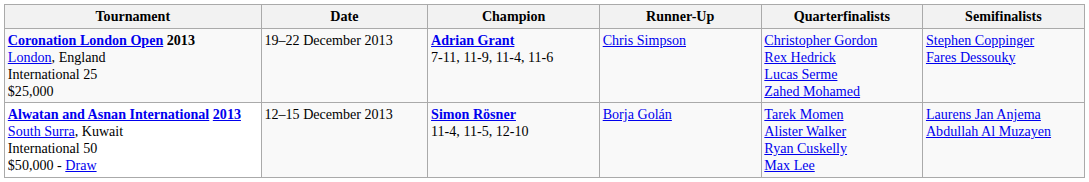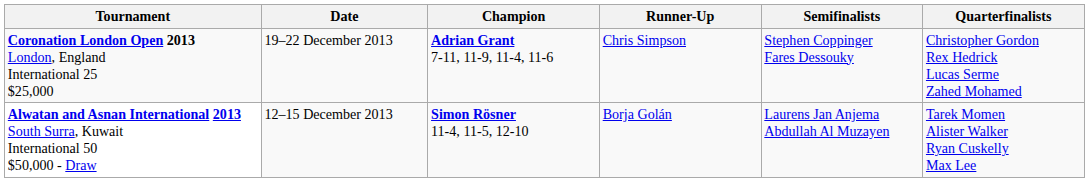 <table class="wikitable" style="font-size:88%">
 <tr>
 <th width=250>Tournament</th>
 <th width=160>Date</th>
 <th width=165>Champion</th>
 <th width=155>Runner-Up</th>
+<th width=155>Semifinalists</th>
 <th width=155>Quarterfinalists</th>
-<th width=155>Semifinalists</th>
 </tr>
 <tr valign=top>
 <td><strong><a href='#'>Coronation London Open</a> 2013</strong><br> <a href='#'>London</a>, England<br>International 25<br>$25,000</td>
 <td>19–22 December 2013</td>
 <td> <strong><a href='#'>Adrian Grant</a></strong><br>7-11, 11-9, 11-4, 11-6</td>
 <td> <a href='#'>Chris Simpson</a></td>
+<td> <a href='#'>Stephen Coppinger</a><br> <a href='#'>Fares Dessouky</a></td>
 <td> <a href='#'>Christopher Gordon</a><br> <a href='#'>Rex Hedrick</a><br> <a href='#'>Lucas Serme</a><br> <a href='#'>Zahed Mohamed</a></td>
-<td> <a href='#'>Stephen Coppinger</a><br> <a href='#'>Fares Dessouky</a></td>
 </tr>
 <tr valign=top>
 <td style="background:#fff;"><strong><a href='#'>Alwatan and Asnan International</a> <a href='#'>2013</a></strong><br> <a href='#'>South Surra</a>, Kuwait<br>International 50<br>$50,000 - <a href='#'>Draw</a></td>
 <td>12–15 December 2013</td>
 <td> <strong><a href='#'>Simon Rösner</a></strong><br>11-4, 11-5, 12-10</td>
 <td> <a href='#'>Borja Golán</a></td>
+<td> <a href='#'>Laurens Jan Anjema</a><br> <a href='#'>Abdullah Al Muzayen</a></td>
 <td> <a href='#'>Tarek Momen</a><br> <a href='#'>Alister Walker</a><br> <a href='#'>Ryan Cuskelly</a><br> <a href='#'>Max Lee</a></td>
-<td> <a href='#'>Laurens Jan Anjema</a><br> <a href='#'>Abdullah Al Muzayen</a></td>
 </tr>
 </table>
